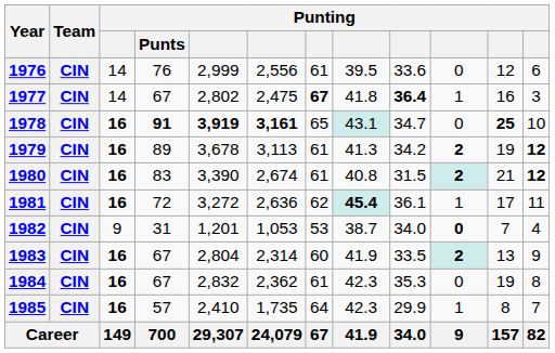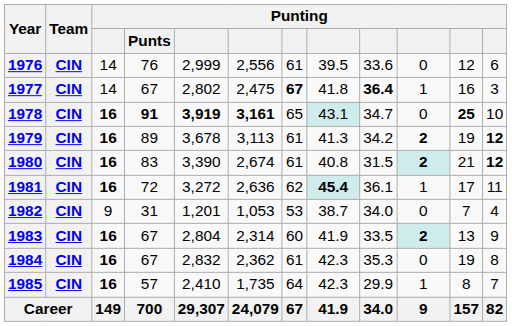 <table class=wikitable style="text-align:center;">
 <tr>
 <th rowspan="2">Year</th>
 <th rowspan="2">Team</th>
 <th colspan="10">Punting</th>
 </tr>
 <tr>
 <th></th>
 <th>Punts</th>
 <th></th>
 <th></th>
 <th></th>
 <th></th>
 <th></th>
 <th></th>
 <th></th>
 <th></th>
 </tr>
 <tr>
 <th><a href='#'>1976</a></th>
 <th><a href='#'>CIN</a></th>
 <td>14</td>
 <td>76</td>
 <td>2,999</td>
 <td>2,556</td>
 <td>61</td>
 <td>39.5</td>
 <td>33.6</td>
 <td>0</td>
 <td>12</td>
 <td>6</td>
 </tr>
 <tr>
 <th><a href='#'>1977</a></th>
 <th><a href='#'>CIN</a></th>
 <td>14</td>
 <td>67</td>
 <td>2,802</td>
 <td>2,475</td>
 <td><strong>67</strong></td>
 <td>41.8</td>
 <td><strong>36.4</strong></td>
 <td>1</td>
 <td>16</td>
 <td>3</td>
 </tr>
 <tr>
 <th><a href='#'>1978</a></th>
 <th><a href='#'>CIN</a></th>
 <td><strong>16</strong></td>
 <td><strong>91</strong></td>
 <td><strong>3,919</strong></td>
 <td><strong>3,161</strong></td>
 <td>65</td>
 <td style="background:#cfecec; width:3em;">43.1</td>
 <td>34.7</td>
 <td>0</td>
 <td><strong>25</strong></td>
 <td>10</td>
 </tr>
 <tr>
 <th><a href='#'>1979</a></th>
 <th><a href='#'>CIN</a></th>
 <td><strong>16</strong></td>
 <td>89</td>
 <td>3,678</td>
 <td>3,113</td>
 <td>61</td>
 <td>41.3</td>
 <td>34.2</td>
 <td><strong>2</strong></td>
 <td>19</td>
 <td><strong>12</strong></td>
 </tr>
 <tr>
 <th><a href='#'>1980</a></th>
 <th><a href='#'>CIN</a></th>
 <td><strong>16</strong></td>
 <td>83</td>
 <td>3,390</td>
 <td>2,674</td>
 <td>61</td>
 <td>40.8</td>
 <td>31.5</td>
 <td style="background:#cfecec; width:3em;"><strong>2</strong></td>
 <td>21</td>
 <td><strong>12</strong></td>
 </tr>
 <tr>
 <th><a href='#'>1981</a></th>
 <th><a href='#'>CIN</a></th>
 <td><strong>16</strong></td>
 <td>72</td>
 <td>3,272</td>
 <td>2,636</td>
 <td>62</td>
 <td style="background:#cfecec; width:3em;"><strong>45.4</strong></td>
 <td>36.1</td>
 <td>1</td>
 <td>17</td>
 <td>11</td>
 </tr>
 <tr>
 <th><a href='#'>1982</a></th>
 <th><a href='#'>CIN</a></th>
 <td>9</td>
 <td>31</td>
 <td>1,201</td>
 <td>1,053</td>
 <td>53</td>
 <td>38.7</td>
 <td>34.0</td>
-<td><strong>0</strong></td>
+<td>0</td>
 <td>7</td>
 <td>4</td>
 </tr>
 <tr>
 <th><a href='#'>1983</a></th>
 <th><a href='#'>CIN</a></th>
 <td><strong>16</strong></td>
 <td>67</td>
 <td>2,804</td>
 <td>2,314</td>
 <td>60</td>
 <td>41.9</td>
 <td>33.5</td>
 <td style="background:#cfecec; width:3em;"><strong>2</strong></td>
 <td>13</td>
 <td>9</td>
 </tr>
 <tr>
 <th><a href='#'>1984</a></th>
 <th><a href='#'>CIN</a></th>
 <td><strong>16</strong></td>
 <td>67</td>
 <td>2,832</td>
 <td>2,362</td>
 <td>61</td>
 <td>42.3</td>
 <td>35.3</td>
 <td>0</td>
 <td>19</td>
 <td>8</td>
 </tr>
 <tr>
 <th><a href='#'>1985</a></th>
 <th><a href='#'>CIN</a></th>
 <td><strong>16</strong></td>
 <td>57</td>
 <td>2,410</td>
 <td>1,735</td>
 <td>64</td>
 <td>42.3</td>
 <td>29.9</td>
 <td>1</td>
 <td>8</td>
 <td>7</td>
 </tr>
 <tr>
 <th colspan="2">Career</th>
 <th>149</th>
 <th>700</th>
 <th>29,307</th>
 <th>24,079</th>
 <th>67</th>
 <th>41.9</th>
 <th>34.0</th>
 <th>9</th>
 <th>157</th>
 <th>82</th>
 </tr>
 </table>
